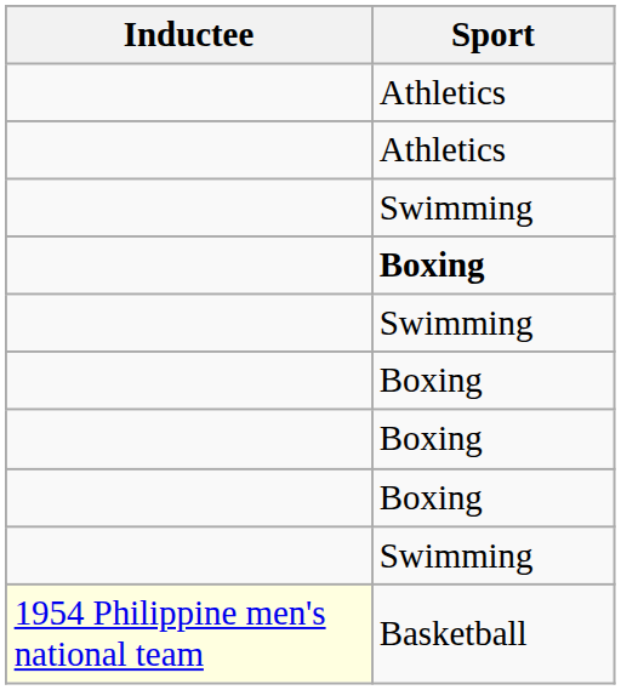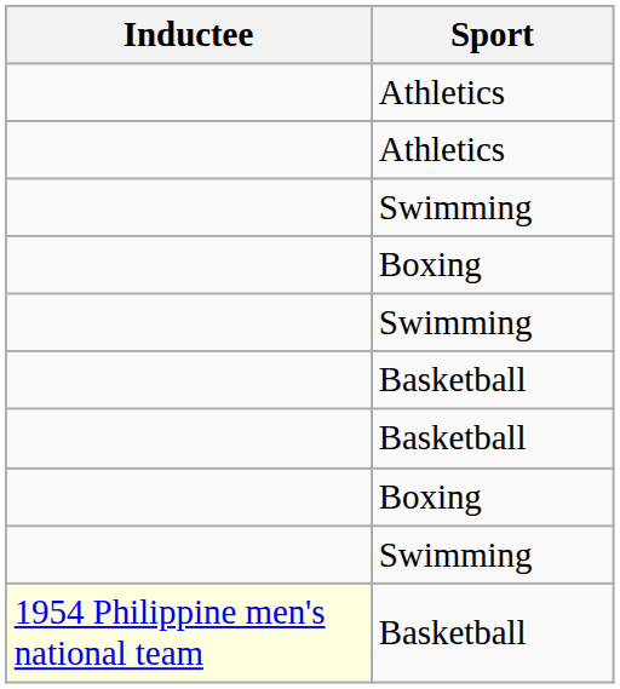 <table class="wikitable sortable" style="font-size: 95%" width=30%>
 <tr>
 <th width=60%>Inductee</th>
 <th width=40%>Sport</th>
 </tr>
 <tr>
 <td></td>
 <td>Athletics</td>
 </tr>
 <tr>
 <td></td>
 <td>Athletics</td>
 </tr>
 <tr>
 <td></td>
 <td>Swimming</td>
 </tr>
 <tr>
 <td></td>
-<td><strong>Boxing</strong></td>
+<td>Boxing</td>
 </tr>
 <tr>
 <td></td>
 <td>Swimming</td>
 </tr>
 <tr>
 <td></td>
-<td>Boxing</td>
+<td>Basketball</td>
 </tr>
 <tr>
 <td></td>
-<td>Boxing</td>
+<td>Basketball</td>
 </tr>
 <tr>
 <td></td>
 <td>Boxing</td>
 </tr>
 <tr>
 <td></td>
 <td>Swimming</td>
 </tr>
 <tr>
 <td style="background: lightyellow;"><a href='#'>1954 Philippine men's national team</a></td>
 <td>Basketball</td>
 </tr>
 </table>
